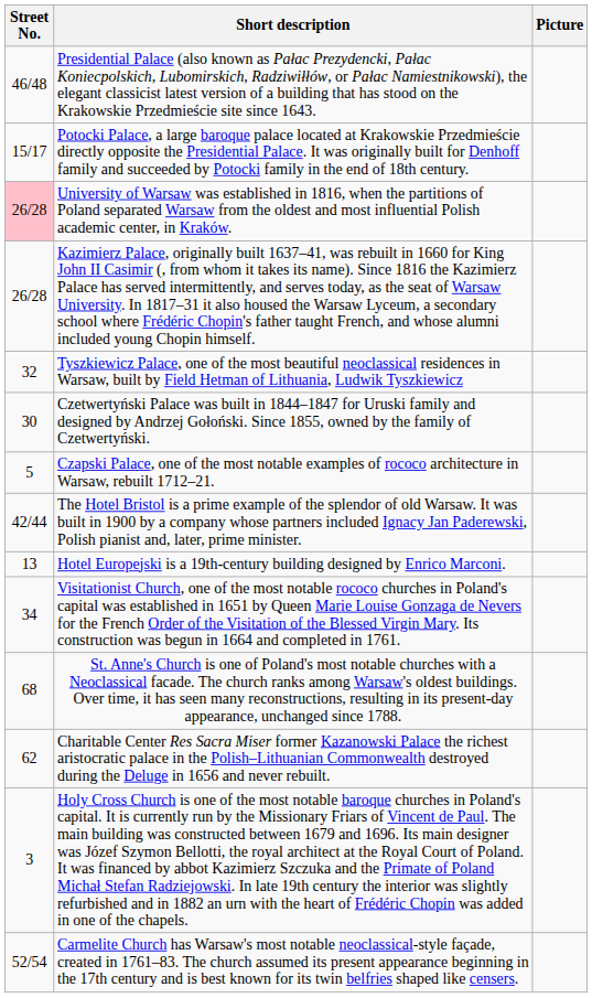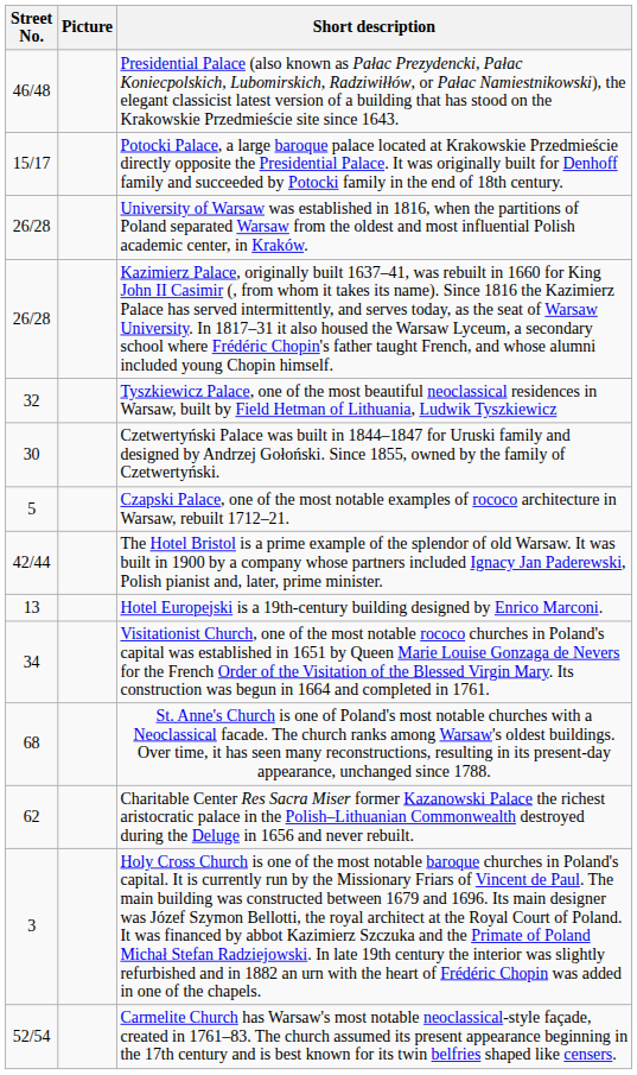 <table class="wikitable">
 <tr>
 <th>Street No.</th>
+<th>Picture</th>
 <th>Short description</th>
-<th>Picture</th>
 </tr>
 <tr>
 <td align="center">46/48</td>
+<td align="center"></td>
 <td><a href='#'>Presidential Palace</a> (also known as <em>Pałac Prezydencki</em>, <em>Pałac Koniecpolskich</em>, <em>Lubomirskich</em>, <em>Radziwiłłów</em>, or <em>Pałac Namiestnikowski</em>), the elegant classicist latest version of a building that has stood on the Krakowskie Przedmieście site since 1643.</td>
-<td align="center"></td>
 </tr>
 <tr>
 <td align="center">15/17</td>
+<td align="center"></td>
 <td><a href='#'>Potocki Palace</a>, a large <a href='#'>baroque</a> palace located at Krakowskie Przedmieście directly opposite the <a href='#'>Presidential Palace</a>. It was originally built for <a href='#'>Denhoff</a> family and succeeded by <a href='#'>Potocki</a> family in the end of 18th century.</td>
-<td align="center"></td>
-</tr>
-<tr>
-<td align="center" style="background: pink;">26/28</td>
-<td><a href='#'>University of Warsaw</a> was established in 1816, when the partitions of Poland separated <a href='#'>Warsaw</a> from the oldest and most influential Polish academic center, in <a href='#'>Kraków</a>.</td>
-<td align="center"></td>
 </tr>
 <tr>
 <td align="center">26/28</td>
+<td align="center"></td>
+<td><a href='#'>University of Warsaw</a> was established in 1816, when the partitions of Poland separated <a href='#'>Warsaw</a> from the oldest and most influential Polish academic center, in <a href='#'>Kraków</a>.</td>
+</tr>
+<tr>
+<td align="center">26/28</td>
+<td align="center"></td>
 <td><a href='#'>Kazimierz Palace</a>, originally built 1637–41, was rebuilt in 1660 for King <a href='#'>John II Casimir</a> (, from whom it takes its name). Since 1816 the Kazimierz Palace has served intermittently, and serves today, as the seat of <a href='#'>Warsaw University</a>. In 1817–31 it also housed the Warsaw Lyceum, a secondary school where <a href='#'>Frédéric Chopin</a>'s father taught French, and whose alumni included young Chopin himself.</td>
-<td align="center"></td>
 </tr>
 <tr>
 <td align="center">32</td>
+<td align="center"></td>
 <td><a href='#'>Tyszkiewicz Palace</a>, one of the most beautiful <a href='#'>neoclassical</a> residences in Warsaw, built by <a href='#'>Field Hetman of Lithuania</a>, <a href='#'>Ludwik Tyszkiewicz</a></td>
-<td align="center"></td>
 </tr>
 <tr>
 <td align="center">30</td>
+<td align="center"></td>
 <td>Czetwertyński Palace was built in 1844–1847 for Uruski family and designed by Andrzej Gołoński. Since 1855, owned by the family of Czetwertyński.</td>
-<td align="center"></td>
 </tr>
 <tr>
 <td align="center">5</td>
+<td align="center"></td>
 <td><a href='#'>Czapski Palace</a>, one of the most notable examples of <a href='#'>rococo</a> architecture in Warsaw, rebuilt 1712–21.</td>
-<td align="center"></td>
 </tr>
 <tr>
 <td align="center">42/44</td>
+<td align="center"></td>
 <td>The <a href='#'>Hotel Bristol</a> is a prime example of the splendor of old Warsaw. It was built in 1900 by a company whose partners included <a href='#'>Ignacy Jan Paderewski</a>, Polish pianist and, later, prime minister.</td>
-<td align="center"></td>
 </tr>
 <tr>
 <td align="center">13</td>
+<td align="center"></td>
 <td><a href='#'>Hotel Europejski</a> is a 19th-century building designed by <a href='#'>Enrico Marconi</a>.</td>
-<td align="center"></td>
 </tr>
 <tr>
 <td align="center">34</td>
+<td align="center"></td>
 <td><a href='#'>Visitationist Church</a>, one of the most notable <a href='#'>rococo</a> churches in Poland's capital was established in 1651 by Queen <a href='#'>Marie Louise Gonzaga de Nevers</a> for the French <a href='#'>Order of the Visitation of the Blessed Virgin Mary</a>. Its construction was begun in 1664 and completed in 1761.</td>
-<td align="center"></td>
 </tr>
 <tr>
 <td align="center">68</td>
+<td align="center"></td>
 <td align="center"><a href='#'>St. Anne's Church</a> is one of Poland's most notable churches with a <a href='#'>Neoclassical</a> facade. The church ranks among <a href='#'>Warsaw</a>'s oldest buildings. Over time, it has seen many reconstructions, resulting in its present-day appearance, unchanged since 1788.</td>
-<td align="center"></td>
 </tr>
 <tr>
 <td align="center">62</td>
+<td align="center"></td>
 <td>Charitable Center <em>Res Sacra Miser</em> former <a href='#'>Kazanowski Palace</a> the richest aristocratic palace in the <a href='#'>Polish–Lithuanian Commonwealth</a> destroyed during the <a href='#'>Deluge</a> in 1656 and never rebuilt.</td>
-<td align="center"></td>
 </tr>
 <tr>
 <td align="center">3</td>
+<td align="center"></td>
 <td><a href='#'>Holy Cross Church</a> is one of the most notable <a href='#'>baroque</a> churches in Poland's capital. It is currently run by the Missionary Friars of <a href='#'>Vincent de Paul</a>. The main building was constructed between 1679 and 1696. Its main designer was Józef Szymon Bellotti, the royal architect at the Royal Court of Poland. It was financed by abbot Kazimierz Szczuka and the <a href='#'>Primate of Poland</a> <a href='#'>Michał Stefan Radziejowski</a>. In late 19th century the interior was slightly refurbished and in 1882 an urn with the heart of <a href='#'>Frédéric Chopin</a> was added in one of the chapels.</td>
-<td align="center"></td>
 </tr>
 <tr>
 <td align="center">52/54</td>
+<td align="center"></td>
 <td><a href='#'>Carmelite Church</a> has Warsaw's most notable <a href='#'>neoclassical</a>-style façade, created in 1761–83. The church assumed its present appearance beginning in the 17th century and is best known for its twin <a href='#'>belfries</a> shaped like <a href='#'>censers</a>.</td>
-<td align="center"></td>
 </tr>
 </table>
